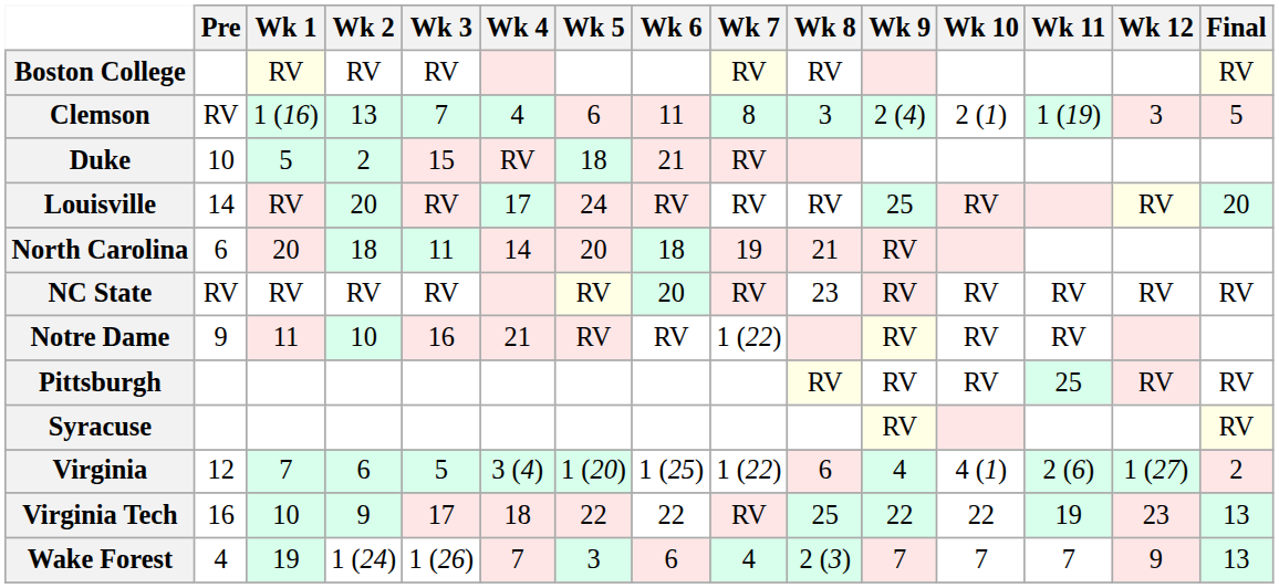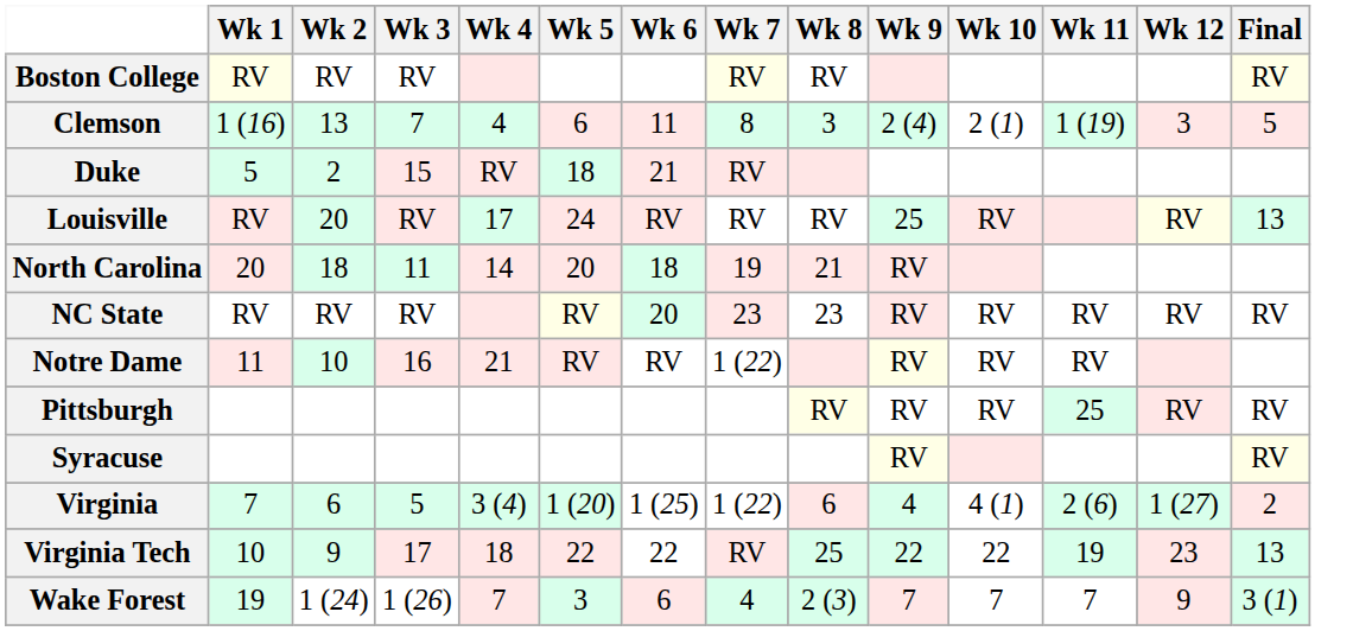 <table class="wikitable" style="white-space:nowrap;font-size:90%;">
 <tr>
 <th colspan=1 style="background:white; border-top-style:hidden; border-left-style:hidden;"> </th>
-<th>Pre <br></th>
 <th>Wk 1 <br></th>
 <th>Wk 2 <br></th>
 <th>Wk 3 <br></th>
 <th>Wk 4 <br></th>
 <th>Wk 5 <br></th>
 <th>Wk 6 <br></th>
 <th>Wk 7 <br></th>
 <th>Wk 8 <br></th>
 <th>Wk 9 <br></th>
 <th>Wk 10 <br></th>
 <th>Wk 11 <br></th>
 <th>Wk 12 <br></th>
 <th>Final <br></th>
 </tr>
 <tr style="text-align:center;">
 <th>Boston College</th>
-<td style="background:#FFF;"></td>
 <td style="background:#FFFFE6;"> RV</td>
 <td style="background:#FFF;"> RV</td>
 <td style="background:#FFF;"> RV</td>
 <td style="background:#FFE6E6;"></td>
 <td style="background:#FFF;"></td>
 <td style="background:#FFF;"></td>
 <td style="background:#FFFFE6;"> RV</td>
 <td style="background:#FFF;"> RV</td>
 <td style="background:#FFE6E6;"></td>
 <td style="background:#FFF;"></td>
 <td style="background:#FFF;"></td>
 <td style="background:#FFF;"></td>
 <td style="background:#FFFFE6;"> RV</td>
 </tr>
 <tr style="text-align:center;">
 <th>Clemson</th>
-<td style="background:#FFF;"> RV</td>
 <td style="background:#D8FFEB;"> 1 (<em>16</em>)</td>
 <td style="background:#D8FFEB;"> 13</td>
 <td style="background:#D8FFEB;"> 7</td>
 <td style="background:#D8FFEB;"> 4</td>
 <td style="background:#FFE6E6;"> 6</td>
 <td style="background:#FFE6E6;"> 11</td>
 <td style="background:#D8FFEB;"> 8</td>
 <td style="background:#D8FFEB;"> 3</td>
 <td style="background:#D8FFEB;"> 2 (<em>4</em>)</td>
 <td style="background:#FFF;"> 2 (<em>1</em>)</td>
 <td style="background:#D8FFEB;"> 1 (<em>19</em>)</td>
 <td style="background:#FFE6E6;"> 3</td>
 <td style="background:#FFE6E6;"> 5</td>
 </tr>
 <tr style="text-align:center;">
 <th>Duke</th>
-<td style="background:#FFF;"> 10</td>
 <td style="background:#D8FFEB;"> 5</td>
 <td style="background:#D8FFEB;"> 2</td>
 <td style="background:#FFE6E6;"> 15</td>
 <td style="background:#FFE6E6;"> RV</td>
 <td style="background:#D8FFEB;"> 18</td>
 <td style="background:#FFE6E6;"> 21</td>
 <td style="background:#FFE6E6;"> RV</td>
 <td style="background:#FFE6E6;"></td>
 <td style="background:#FFF;"></td>
 <td style="background:#FFF;"></td>
 <td style="background:#FFF;"></td>
 <td style="background:#FFF;"></td>
 <td style="background:#FFF;"></td>
 </tr>
 <tr style="text-align:center;">
 <th>Louisville</th>
-<td style="background:#FFF;"> 14</td>
 <td style="background:#FFE6E6;"> RV</td>
 <td style="background:#D8FFEB;"> 20</td>
 <td style="background:#FFE6E6;"> RV</td>
 <td style="background:#D8FFEB;"> 17</td>
 <td style="background:#FFE6E6;"> 24</td>
 <td style="background:#FFE6E6;"> RV</td>
 <td style="background:#FFF;"> RV</td>
 <td style="background:#FFF;"> RV</td>
 <td style="background:#D8FFEB;"> 25</td>
 <td style="background:#FFE6E6;"> RV</td>
 <td style="background:#FFE6E6;"></td>
 <td style="background:#FFFFE6;"> RV</td>
-<td style="background:#D8FFEB;"> 20</td>
+<td style="background:#D8FFEB;"> 13</td>
 </tr>
 <tr style="text-align:center;">
 <th>North Carolina</th>
-<td style="background:#FFF;"> 6</td>
 <td style="background:#FFE6E6;"> 20</td>
 <td style="background:#D8FFEB;"> 18</td>
 <td style="background:#D8FFEB;"> 11</td>
 <td style="background:#FFE6E6;"> 14</td>
 <td style="background:#FFE6E6;"> 20</td>
 <td style="background:#D8FFEB;"> 18</td>
 <td style="background:#FFE6E6;"> 19</td>
 <td style="background:#FFE6E6;"> 21</td>
 <td style="background:#FFE6E6;"> RV</td>
 <td style="background:#FFE6E6;"></td>
 <td style="background:#FFF;"></td>
 <td style="background:#FFF;"></td>
 <td style="background:#FFF;"></td>
 </tr>
 <tr style="text-align:center;">
 <th>NC State</th>
 <td style="background:#FFF;"> RV</td>
 <td style="background:#FFF;"> RV</td>
 <td style="background:#FFF;"> RV</td>
-<td style="background:#FFF;"> RV</td>
 <td style="background:#FFE6E6;"></td>
 <td style="background:#FFFFE6;"> RV</td>
 <td style="background:#D8FFEB;"> 20</td>
-<td style="background:#FFE6E6;"> RV</td>
+<td style="background:#FFE6E6;"> 23</td>
 <td style="background:#FFF;"> 23</td>
 <td style="background:#FFE6E6;"> RV</td>
 <td style="background:#FFF;"> RV</td>
 <td style="background:#FFF;"> RV</td>
 <td style="background:#FFF;"> RV</td>
 <td style="background:#FFF;"> RV</td>
 </tr>
 <tr style="text-align:center;">
 <th>Notre Dame</th>
-<td style="background:#FFF;"> 9</td>
 <td style="background:#FFE6E6;"> 11</td>
 <td style="background:#D8FFEB;"> 10</td>
 <td style="background:#FFE6E6;"> 16</td>
 <td style="background:#FFE6E6;"> 21</td>
 <td style="background:#FFE6E6;"> RV</td>
 <td style="background:#FFF;"> RV</td>
 <td style="background:#FFF;"> 1 (<em>22</em>)</td>
 <td style="background:#FFE6E6;"></td>
 <td style="background:#FFFFE6;"> RV</td>
 <td style="background:#FFF;"> RV</td>
 <td style="background:#FFF;"> RV</td>
 <td style="background:#FFE6E6;"></td>
 <td style="background:#FFF;"></td>
 </tr>
 <tr style="text-align:center;">
 <th>Pittsburgh</th>
-<td style="background:#FFF;"></td>
 <td style="background:#FFF;"></td>
 <td style="background:#FFF;"></td>
 <td style="background:#FFF;"></td>
 <td style="background:#FFF;"></td>
 <td style="background:#FFF;"></td>
 <td style="background:#FFF;"></td>
 <td style="background:#FFF;"></td>
 <td style="background:#FFFFE6;"> RV</td>
 <td style="background:#FFF;"> RV</td>
 <td style="background:#FFF;"> RV</td>
 <td style="background:#D8FFEB;"> 25</td>
 <td style="background:#FFE6E6;"> RV</td>
 <td style="background:#FFF;"> RV</td>
 </tr>
 <tr style="text-align:center;">
 <th>Syracuse</th>
 <td style="background:#FFF;"></td>
 <td style="background:#FFF;"></td>
 <td style="background:#FFF;"></td>
 <td style="background:#FFF;"></td>
 <td style="background:#FFF;"></td>
 <td style="background:#FFF;"></td>
 <td style="background:#FFF;"></td>
 <td style="background:#FFF;"></td>
-<td style="background:#FFF;"></td>
 <td style="background:#FFFFE6;"> RV</td>
 <td style="background:#FFE6E6;"></td>
 <td style="background:#FFF;"></td>
 <td style="background:#FFF;"></td>
 <td style="background:#FFFFE6;"> RV</td>
 </tr>
 <tr style="text-align:center;">
 <th>Virginia</th>
-<td style="background:#FFF;"> 12</td>
 <td style="background:#D8FFEB;"> 7</td>
 <td style="background:#D8FFEB;"> 6</td>
 <td style="background:#D8FFEB;"> 5</td>
 <td style="background:#D8FFEB;"> 3 (<em>4</em>)</td>
 <td style="background:#D8FFEB;"> 1 (<em>20</em>)</td>
 <td style="background:#FFF;"> 1 (<em>25</em>)</td>
 <td style="background:#FFF;"> 1 (<em>22</em>)</td>
 <td style="background:#FFE6E6;"> 6</td>
 <td style="background:#D8FFEB;"> 4</td>
 <td style="background:#FFF;"> 4 (<em>1</em>)</td>
 <td style="background:#D8FFEB;"> 2 (<em>6</em>)</td>
 <td style="background:#D8FFEB;"> 1 (<em>27</em>)</td>
 <td style="background:#FFE6E6;"> 2</td>
 </tr>
 <tr style="text-align:center;">
 <th>Virginia Tech</th>
-<td style="background:#FFF;"> 16</td>
 <td style="background:#D8FFEB;"> 10</td>
 <td style="background:#D8FFEB;"> 9</td>
 <td style="background:#FFE6E6;"> 17</td>
 <td style="background:#FFE6E6;"> 18</td>
 <td style="background:#FFE6E6;"> 22</td>
 <td style="background:#FFF;"> 22</td>
 <td style="background:#FFE6E6;"> RV</td>
 <td style="background:#D8FFEB;"> 25</td>
 <td style="background:#D8FFEB;"> 22</td>
 <td style="background:#FFF;"> 22</td>
 <td style="background:#D8FFEB;"> 19</td>
 <td style="background:#FFE6E6;"> 23</td>
 <td style="background:#D8FFEB;"> 13</td>
 </tr>
 <tr style="text-align:center;">
 <th>Wake Forest</th>
-<td style="background:#FFF;"> 4</td>
 <td style="background:#D8FFEB;"> 19</td>
 <td style="background:#FFF;"> 1 (<em>24</em>)</td>
 <td style="background:#FFF;"> 1 (<em>26</em>)</td>
 <td style="background:#FFE6E6;"> 7</td>
 <td style="background:#D8FFEB;"> 3</td>
 <td style="background:#FFE6E6;"> 6</td>
 <td style="background:#D8FFEB;"> 4</td>
 <td style="background:#D8FFEB;"> 2 (<em>3</em>)</td>
 <td style="background:#FFE6E6;"> 7</td>
 <td style="background:#FFF;"> 7</td>
 <td style="background:#FFF;"> 7</td>
 <td style="background:#FFE6E6;"> 9</td>
-<td style="background:#D8FFEB;"> 13</td>
+<td style="background:#D8FFEB;"> 3 (<em>1</em>)</td>
 </tr>
 </table>
